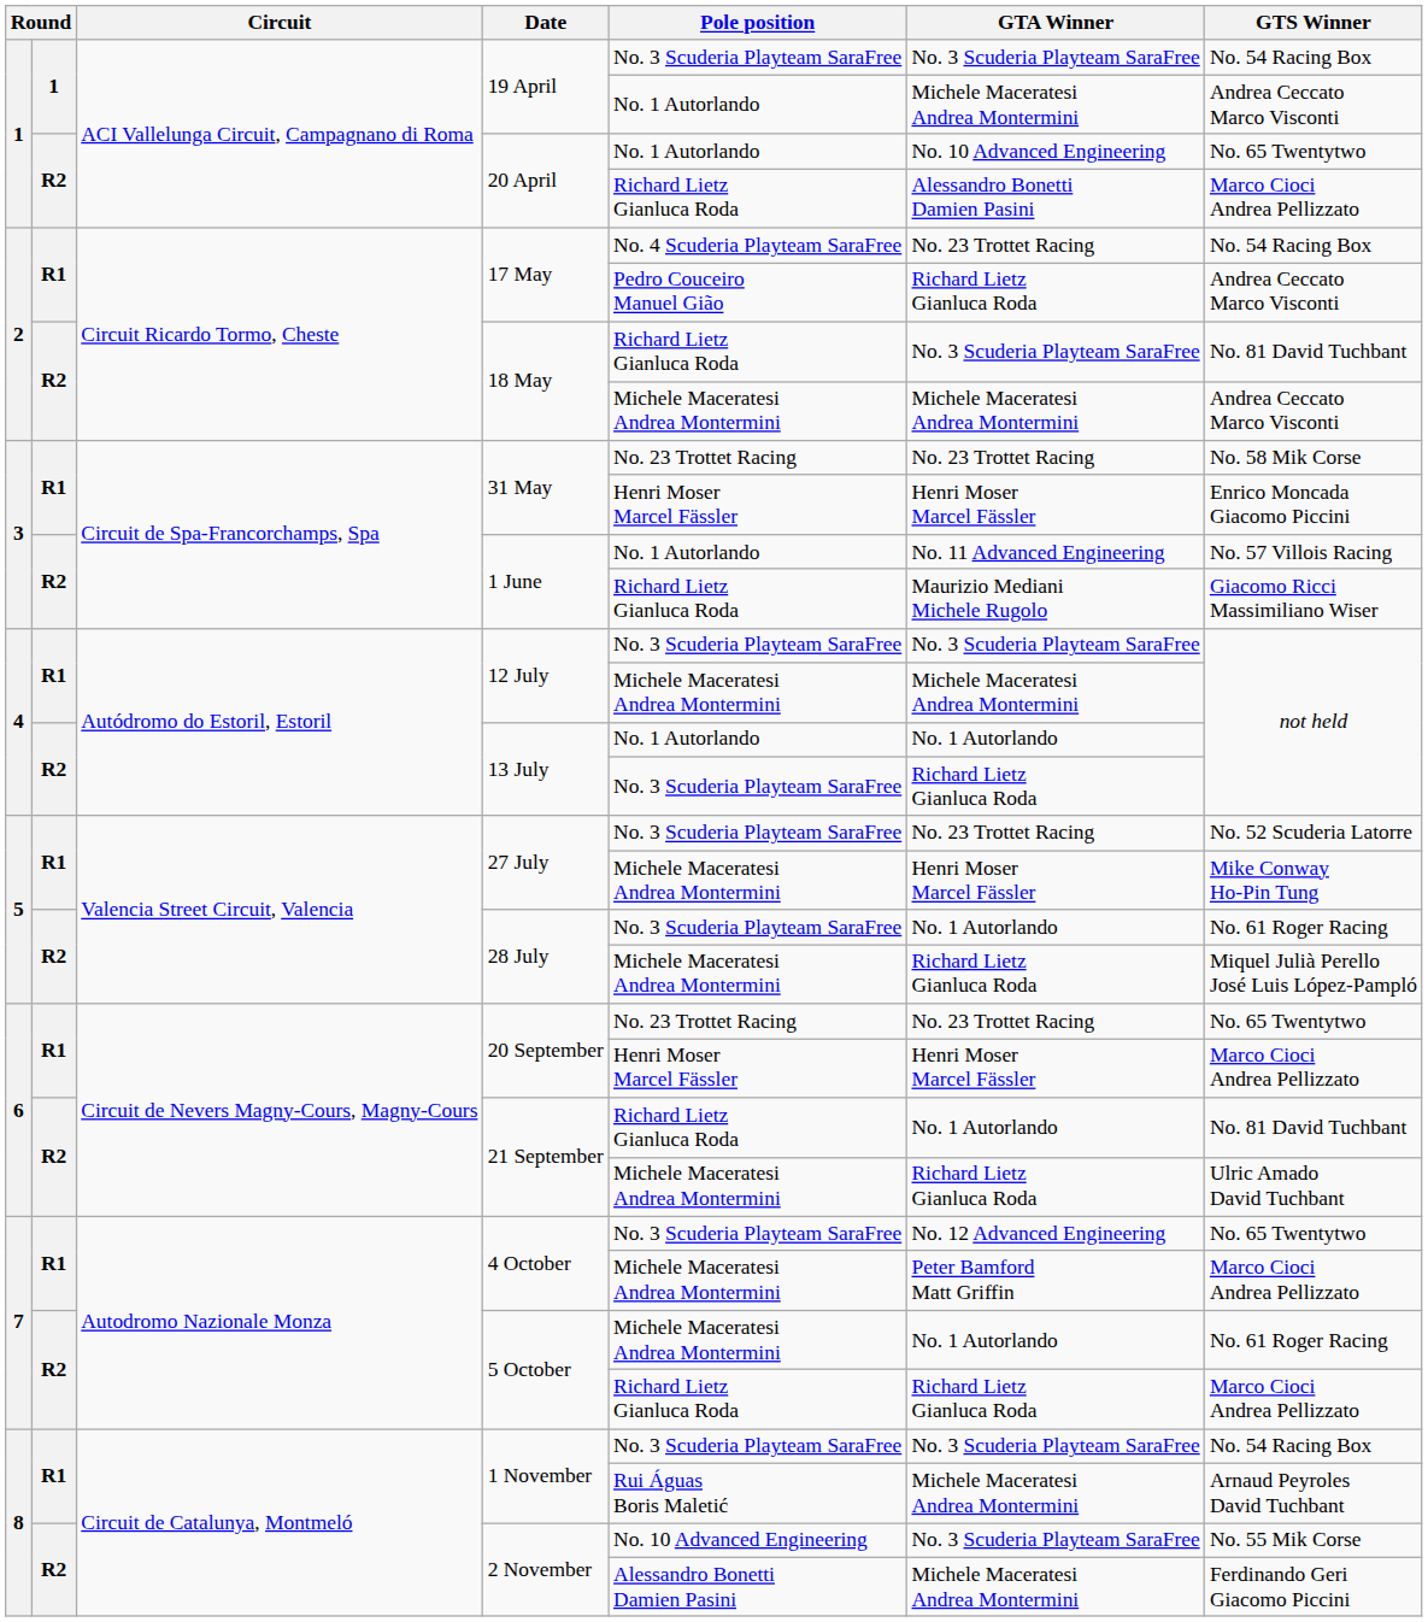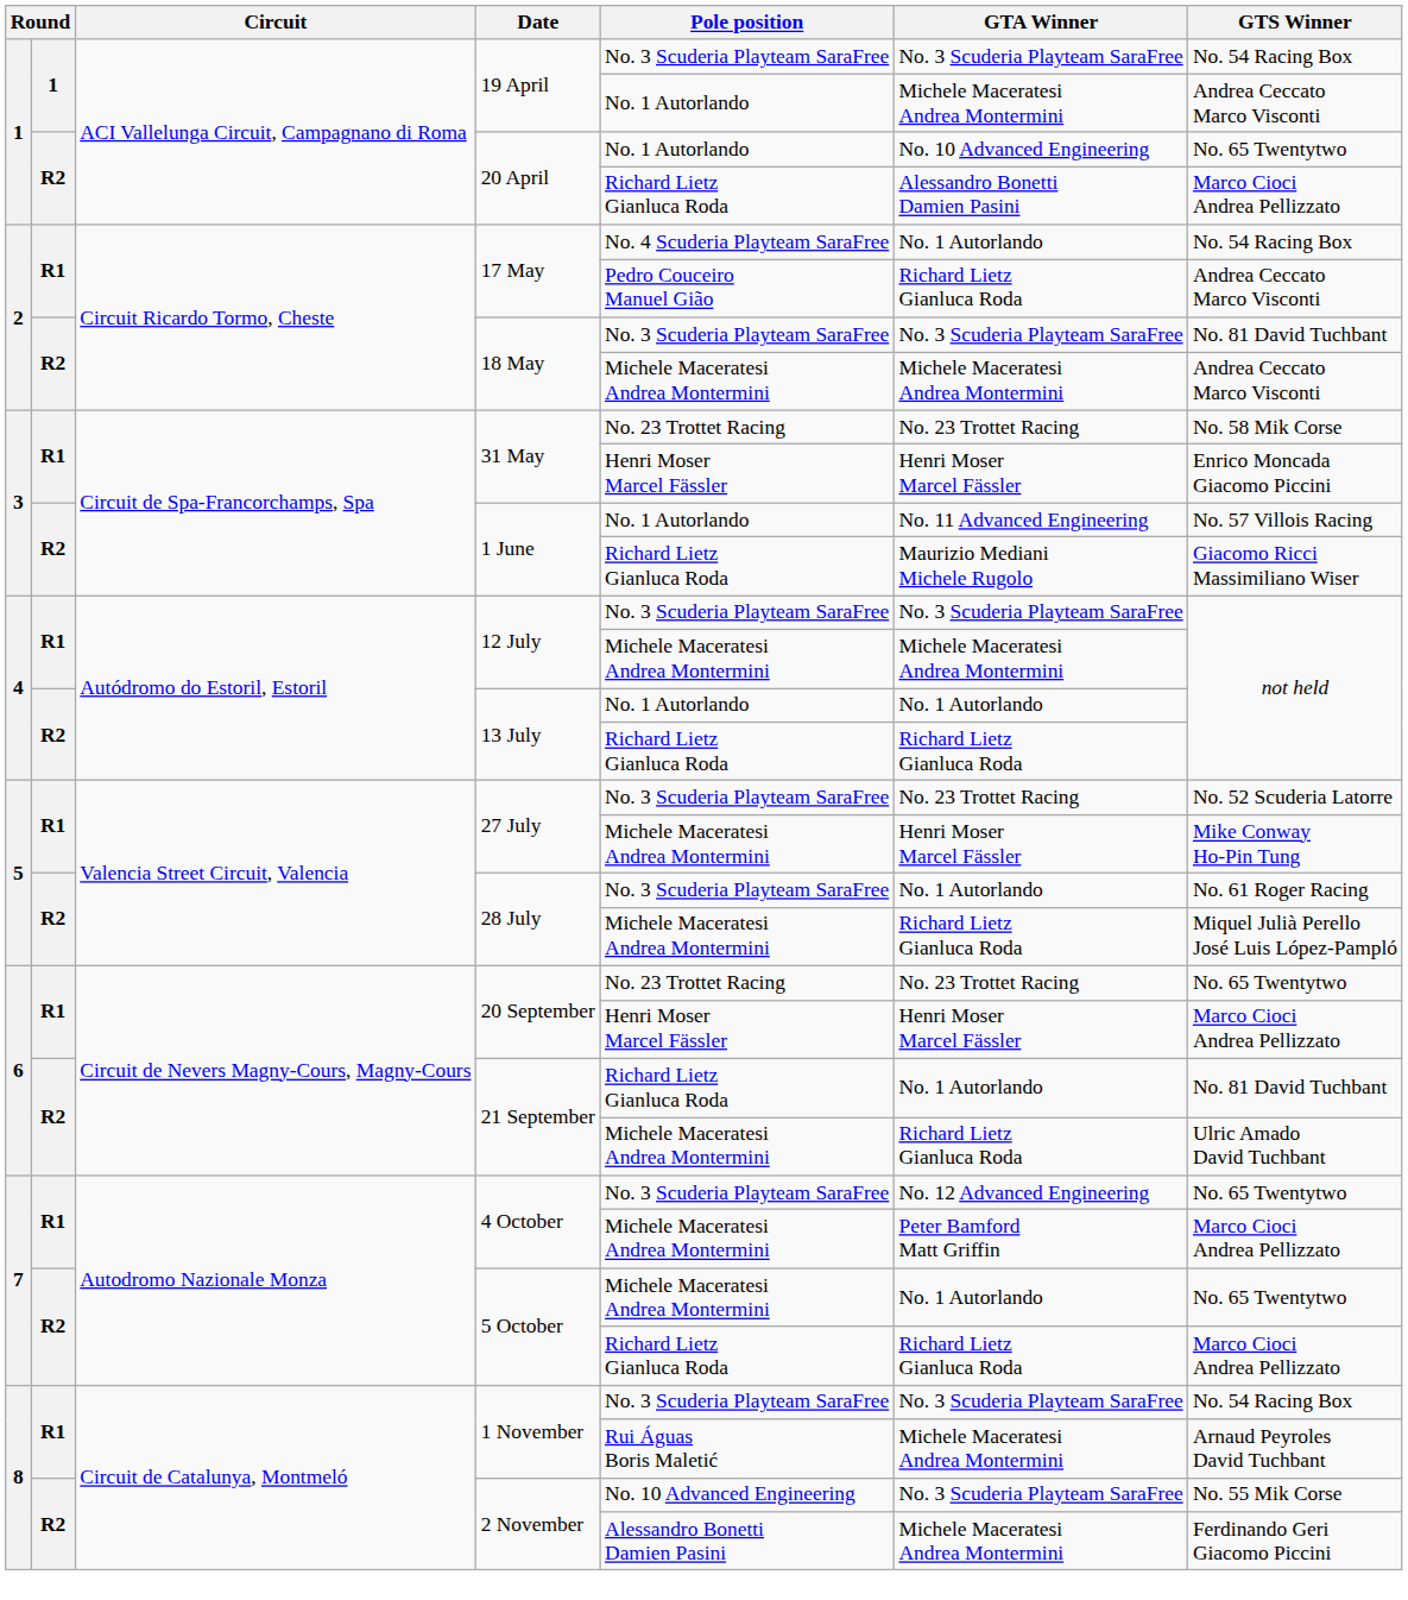 <table class="wikitable" style="font-size: 85%;">
 <tr>
 <th colspan=2>Round</th>
 <th>Circuit</th>
 <th>Date</th>
 <th><a href='#'>Pole position</a></th>
 <th>GTA Winner</th>
 <th>GTS Winner</th>
 </tr>
 <tr>
 <th rowspan=4>1</th>
 <th rowspan=2>1</th>
 <td rowspan=4> <a href='#'>ACI Vallelunga Circuit</a>, <a href='#'>Campagnano di Roma</a></td>
 <td rowspan=2>19 April</td>
 <td> No. 3 <a href='#'>Scuderia Playteam SaraFree</a></td>
 <td> No. 3 <a href='#'>Scuderia Playteam SaraFree</a></td>
 <td> No. 54 Racing Box</td>
 </tr>
 <tr>
 <td> No. 1 Autorlando</td>
 <td> Michele Maceratesi<br> <a href='#'>Andrea Montermini</a></td>
 <td> Andrea Ceccato<br> Marco Visconti</td>
 </tr>
 <tr>
 <th rowspan=2>R2</th>
 <td rowspan=2>20 April</td>
 <td> No. 1 Autorlando</td>
 <td> No. 10 <a href='#'>Advanced Engineering</a></td>
 <td> No. 65 Twentytwo</td>
 </tr>
 <tr>
 <td> <a href='#'>Richard Lietz</a><br> Gianluca Roda</td>
 <td> <a href='#'>Alessandro Bonetti</a><br> <a href='#'>Damien Pasini</a></td>
 <td> <a href='#'>Marco Cioci</a><br> Andrea Pellizzato</td>
 </tr>
 <tr>
 <th rowspan=4>2</th>
 <th rowspan=2>R1</th>
 <td rowspan=4> <a href='#'>Circuit Ricardo Tormo</a>, <a href='#'>Cheste</a></td>
 <td rowspan=2>17 May</td>
 <td> No. 4 <a href='#'>Scuderia Playteam SaraFree</a></td>
-<td> No. 23 Trottet Racing</td>
+<td> No. 1 Autorlando</td>
 <td> No. 54 Racing Box</td>
 </tr>
 <tr>
 <td> <a href='#'>Pedro Couceiro</a><br> <a href='#'>Manuel Gião</a></td>
 <td> <a href='#'>Richard Lietz</a><br> Gianluca Roda</td>
 <td> Andrea Ceccato<br> Marco Visconti</td>
 </tr>
 <tr>
 <th rowspan=2>R2</th>
 <td rowspan=2>18 May</td>
-<td> <a href='#'>Richard Lietz</a><br> Gianluca Roda</td>
+<td> No. 3 <a href='#'>Scuderia Playteam SaraFree</a></td>
 <td> No. 3 <a href='#'>Scuderia Playteam SaraFree</a></td>
 <td> No. 81 David Tuchbant</td>
 </tr>
 <tr>
 <td> Michele Maceratesi<br> <a href='#'>Andrea Montermini</a></td>
 <td> Michele Maceratesi<br> <a href='#'>Andrea Montermini</a></td>
 <td> Andrea Ceccato<br> Marco Visconti</td>
 </tr>
 <tr>
 <th rowspan=4>3</th>
 <th rowspan=2>R1</th>
 <td rowspan=4> <a href='#'>Circuit de Spa-Francorchamps</a>, <a href='#'>Spa</a></td>
 <td rowspan=2>31 May</td>
 <td> No. 23 Trottet Racing</td>
 <td> No. 23 Trottet Racing</td>
 <td> No. 58 Mik Corse</td>
 </tr>
 <tr>
 <td> Henri Moser<br> <a href='#'>Marcel Fässler</a></td>
 <td> Henri Moser<br> <a href='#'>Marcel Fässler</a></td>
 <td> Enrico Moncada<br> Giacomo Piccini</td>
 </tr>
 <tr>
 <th rowspan=2>R2</th>
 <td rowspan=2>1 June</td>
 <td> No. 1 Autorlando</td>
 <td> No. 11 <a href='#'>Advanced Engineering</a></td>
 <td> No. 57 Villois Racing</td>
 </tr>
 <tr>
 <td> <a href='#'>Richard Lietz</a><br> Gianluca Roda</td>
 <td> Maurizio Mediani<br> <a href='#'>Michele Rugolo</a></td>
 <td> <a href='#'>Giacomo Ricci</a><br> Massimiliano Wiser</td>
 </tr>
 <tr>
 <th rowspan=4>4</th>
 <th rowspan=2>R1</th>
 <td rowspan=4> <a href='#'>Autódromo do Estoril</a>, <a href='#'>Estoril</a></td>
 <td rowspan=2>12 July</td>
 <td> No. 3 <a href='#'>Scuderia Playteam SaraFree</a></td>
 <td> No. 3 <a href='#'>Scuderia Playteam SaraFree</a></td>
 <td rowspan=4 align=center><em>not held</em></td>
 </tr>
 <tr>
 <td> Michele Maceratesi<br> <a href='#'>Andrea Montermini</a></td>
 <td> Michele Maceratesi<br> <a href='#'>Andrea Montermini</a></td>
 </tr>
 <tr>
 <th rowspan=2>R2</th>
 <td rowspan=2>13 July</td>
 <td> No. 1 Autorlando</td>
 <td> No. 1 Autorlando</td>
 </tr>
 <tr>
-<td> No. 3 <a href='#'>Scuderia Playteam SaraFree</a></td>
+<td> <a href='#'>Richard Lietz</a><br> Gianluca Roda</td>
 <td> <a href='#'>Richard Lietz</a><br> Gianluca Roda</td>
 </tr>
 <tr>
 <th rowspan=4>5</th>
 <th rowspan=2>R1</th>
 <td rowspan=4> <a href='#'>Valencia Street Circuit</a>, <a href='#'>Valencia</a></td>
 <td rowspan=2>27 July</td>
 <td> No. 3 <a href='#'>Scuderia Playteam SaraFree</a></td>
 <td> No. 23 Trottet Racing</td>
 <td> No. 52 Scuderia Latorre</td>
 </tr>
 <tr>
 <td> Michele Maceratesi<br> <a href='#'>Andrea Montermini</a></td>
 <td> Henri Moser<br> <a href='#'>Marcel Fässler</a></td>
 <td> <a href='#'>Mike Conway</a><br> <a href='#'>Ho-Pin Tung</a></td>
 </tr>
 <tr>
 <th rowspan=2>R2</th>
 <td rowspan=2>28 July</td>
 <td> No. 3 <a href='#'>Scuderia Playteam SaraFree</a></td>
 <td> No. 1 Autorlando</td>
 <td> No. 61 Roger Racing</td>
 </tr>
 <tr>
 <td> Michele Maceratesi<br> <a href='#'>Andrea Montermini</a></td>
 <td> <a href='#'>Richard Lietz</a><br> Gianluca Roda</td>
 <td> Miquel Julià Perello<br> José Luis López-Pampló</td>
 </tr>
 <tr>
 <th rowspan=4>6</th>
 <th rowspan=2>R1</th>
 <td rowspan=4> <a href='#'>Circuit de Nevers Magny-Cours</a>, <a href='#'>Magny-Cours</a></td>
 <td rowspan=2>20 September</td>
 <td> No. 23 Trottet Racing</td>
 <td> No. 23 Trottet Racing</td>
 <td> No. 65 Twentytwo</td>
 </tr>
 <tr>
 <td> Henri Moser<br> <a href='#'>Marcel Fässler</a></td>
 <td> Henri Moser<br> <a href='#'>Marcel Fässler</a></td>
 <td> <a href='#'>Marco Cioci</a><br> Andrea Pellizzato</td>
 </tr>
 <tr>
 <th rowspan=2>R2</th>
 <td rowspan=2>21 September</td>
 <td> <a href='#'>Richard Lietz</a><br> Gianluca Roda</td>
 <td> No. 1 Autorlando</td>
 <td> No. 81 David Tuchbant</td>
 </tr>
 <tr>
 <td> Michele Maceratesi<br> <a href='#'>Andrea Montermini</a></td>
 <td> <a href='#'>Richard Lietz</a><br> Gianluca Roda</td>
 <td> Ulric Amado<br> David Tuchbant</td>
 </tr>
 <tr>
 <th rowspan=4>7</th>
 <th rowspan=2>R1</th>
 <td rowspan=4> <a href='#'>Autodromo Nazionale Monza</a></td>
 <td rowspan=2>4 October</td>
 <td> No. 3 <a href='#'>Scuderia Playteam SaraFree</a></td>
 <td> No. 12 <a href='#'>Advanced Engineering</a></td>
 <td> No. 65 Twentytwo</td>
 </tr>
 <tr>
 <td> Michele Maceratesi<br> <a href='#'>Andrea Montermini</a></td>
 <td> <a href='#'>Peter Bamford</a><br> Matt Griffin</td>
 <td> <a href='#'>Marco Cioci</a><br> Andrea Pellizzato</td>
 </tr>
 <tr>
 <th rowspan=2>R2</th>
 <td rowspan=2>5 October</td>
 <td> Michele Maceratesi<br> <a href='#'>Andrea Montermini</a></td>
 <td> No. 1 Autorlando</td>
-<td> No. 61 Roger Racing</td>
+<td> No. 65 Twentytwo</td>
 </tr>
 <tr>
 <td> <a href='#'>Richard Lietz</a><br> Gianluca Roda</td>
 <td> <a href='#'>Richard Lietz</a><br> Gianluca Roda</td>
 <td> <a href='#'>Marco Cioci</a><br> Andrea Pellizzato</td>
 </tr>
 <tr>
 <th rowspan=4>8</th>
 <th rowspan=2>R1</th>
 <td rowspan=4> <a href='#'>Circuit de Catalunya</a>, <a href='#'>Montmeló</a></td>
 <td rowspan=2>1 November</td>
 <td> No. 3 <a href='#'>Scuderia Playteam SaraFree</a></td>
 <td> No. 3 <a href='#'>Scuderia Playteam SaraFree</a></td>
 <td> No. 54 Racing Box</td>
 </tr>
 <tr>
 <td> <a href='#'>Rui Águas</a><br> Boris Maletić</td>
 <td> Michele Maceratesi<br> <a href='#'>Andrea Montermini</a></td>
 <td> Arnaud Peyroles<br> David Tuchbant</td>
 </tr>
 <tr>
 <th rowspan=2>R2</th>
 <td rowspan=2>2 November</td>
 <td> No. 10 <a href='#'>Advanced Engineering</a></td>
 <td> No. 3 <a href='#'>Scuderia Playteam SaraFree</a></td>
 <td> No. 55 Mik Corse</td>
 </tr>
 <tr>
 <td> <a href='#'>Alessandro Bonetti</a><br> <a href='#'>Damien Pasini</a></td>
 <td> Michele Maceratesi<br> <a href='#'>Andrea Montermini</a></td>
 <td> Ferdinando Geri<br> Giacomo Piccini</td>
 </tr>
 </table>
